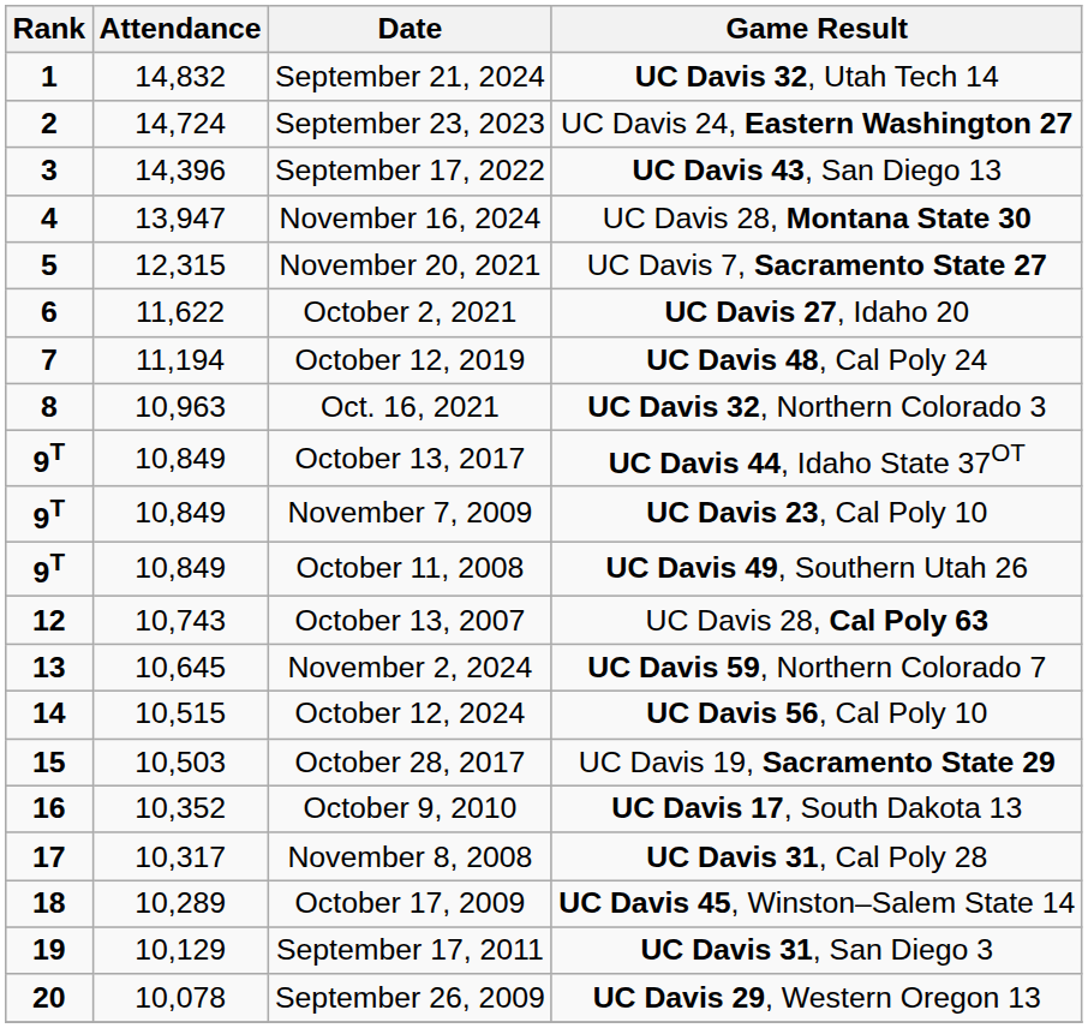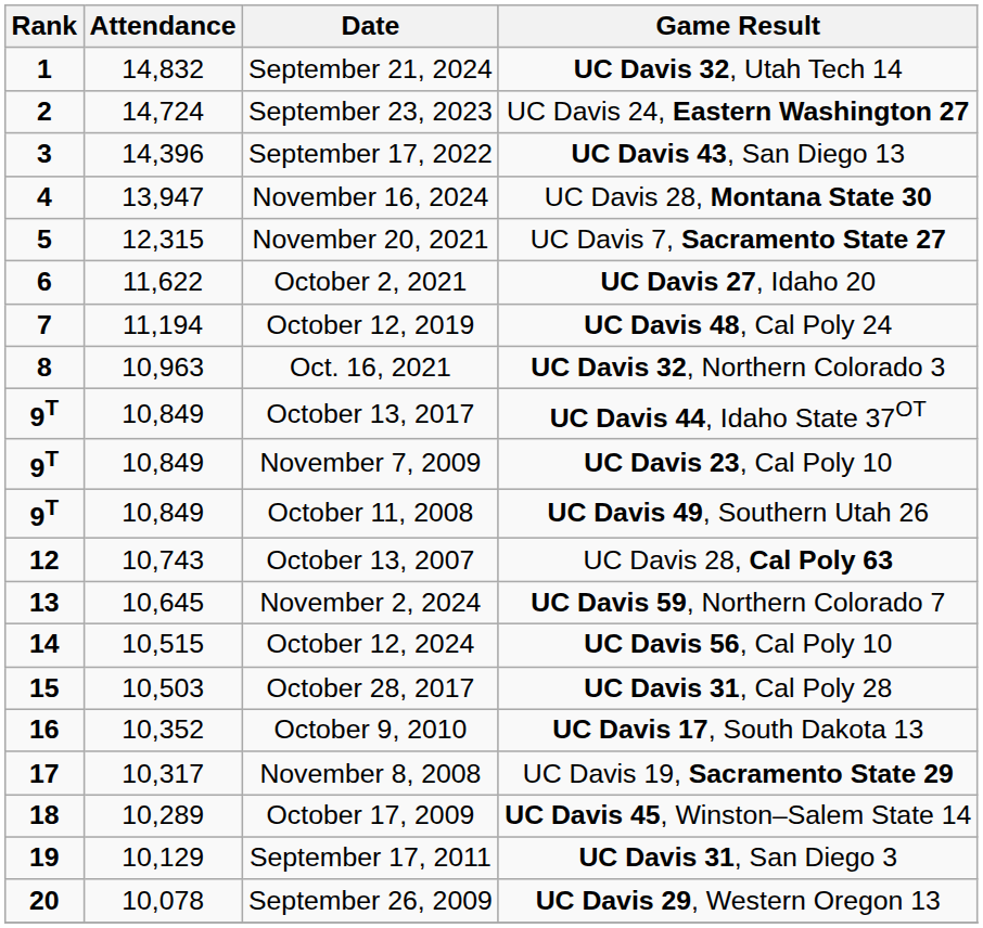 <table class="wikitable sortable">
 <tr>
 <th>Rank</th>
 <th>Attendance</th>
 <th>Date</th>
 <th>Game Result</th>
 </tr>
 <tr align="center">
 <td><strong>1</strong></td>
 <td>14,832</td>
 <td>September 21, 2024</td>
 <td><strong> UC Davis 32</strong>, Utah Tech 14</td>
 </tr>
 <tr align="center">
 <td><strong>2</strong></td>
 <td>14,724</td>
 <td>September 23, 2023</td>
 <td> UC Davis 24, <strong>Eastern Washington 27</strong></td>
 </tr>
 <tr align="center">
 <td><strong>3</strong></td>
 <td>14,396</td>
 <td>September 17, 2022</td>
 <td><strong> UC Davis 43</strong>, San Diego 13</td>
 </tr>
 <tr align="center">
 <td><strong>4</strong></td>
 <td>13,947</td>
 <td>November 16, 2024</td>
 <td> UC Davis 28, <strong> Montana State 30</strong></td>
 </tr>
 <tr align="center">
 <td><strong>5</strong></td>
 <td>12,315</td>
 <td>November 20, 2021</td>
 <td> UC Davis 7, <strong> Sacramento State 27</strong></td>
 </tr>
 <tr align="center">
 <td><strong>6</strong></td>
 <td>11,622</td>
 <td>October 2, 2021</td>
 <td><strong> UC Davis 27</strong>, Idaho 20</td>
 </tr>
 <tr align="center">
 <td><strong>7</strong></td>
 <td>11,194</td>
 <td>October 12, 2019</td>
 <td><strong> UC Davis 48</strong>, Cal Poly 24</td>
 </tr>
 <tr align="center">
 <td><strong>8</strong></td>
 <td>10,963</td>
 <td>Oct. 16, 2021</td>
 <td><strong> UC Davis 32</strong>, Northern Colorado 3</td>
 </tr>
 <tr align="center">
 <td><strong>9<sup>T</sup> </strong></td>
 <td>10,849</td>
 <td>October 13, 2017</td>
 <td><strong> UC Davis 44</strong>, Idaho State 37<sup>OT</sup></td>
 </tr>
 <tr align="center">
 <td><strong>9<sup>T</sup></strong></td>
 <td>10,849</td>
 <td>November 7, 2009</td>
 <td><strong>UC Davis 23</strong>, Cal Poly 10</td>
 </tr>
 <tr align="center">
 <td><strong>9<sup>T</sup></strong></td>
 <td>10,849</td>
 <td>October 11, 2008</td>
 <td><strong>UC Davis 49</strong>, Southern Utah 26</td>
 </tr>
 <tr align="center">
 <td><strong>12</strong></td>
 <td>10,743</td>
 <td>October 13, 2007</td>
 <td>UC Davis 28, <strong> Cal Poly 63</strong></td>
 </tr>
 <tr align="center">
 <td><strong>13</strong></td>
 <td>10,645</td>
 <td>November 2, 2024</td>
 <td><strong> UC Davis 59</strong>,  Northern Colorado 7</td>
 </tr>
 <tr align="center">
 <td><strong>14</strong></td>
 <td>10,515</td>
 <td>October 12, 2024</td>
 <td><strong> UC Davis 56</strong>, Cal Poly 10</td>
 </tr>
 <tr align="center">
 <td><strong>15</strong></td>
 <td>10,503</td>
 <td>October 28, 2017</td>
-<td>UC Davis 19, <strong>Sacramento State 29</strong></td>
+<td><strong>UC Davis 31</strong>, Cal Poly 28</td>
 </tr>
 <tr align="center">
 <td><strong>16</strong></td>
 <td>10,352</td>
 <td>October 9, 2010</td>
 <td><strong>UC Davis 17</strong>, South Dakota 13</td>
 </tr>
 <tr align="center">
 <td><strong>17</strong></td>
 <td>10,317</td>
 <td>November 8, 2008</td>
-<td><strong>UC Davis 31</strong>, Cal Poly 28</td>
+<td>UC Davis 19, <strong>Sacramento State 29</strong></td>
 </tr>
 <tr align="center">
 <td><strong>18</strong></td>
 <td>10,289</td>
 <td>October 17, 2009</td>
 <td><strong>UC Davis 45</strong>, Winston–Salem State 14</td>
 </tr>
 <tr align="center">
 <td><strong>19</strong></td>
 <td>10,129</td>
 <td>September 17, 2011</td>
 <td><strong>UC Davis 31</strong>, San Diego 3</td>
 </tr>
 <tr align="center">
 <td><strong>20</strong></td>
 <td>10,078</td>
 <td>September 26, 2009</td>
 <td><strong>UC Davis 29</strong>, Western Oregon 13</td>
 </tr>
 <tr align="center">
 </tr>
 <tr>
 </tr>
 </table>
